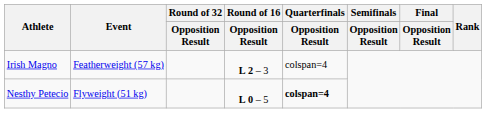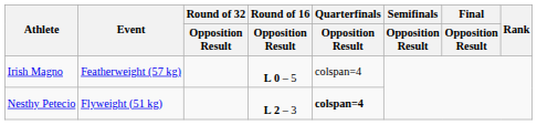 <table class=wikitable style="font-size:90%">
 <tr>
 <th rowspan=2>Athlete</th>
 <th rowspan=2>Event</th>
 <th>Round of 32</th>
 <th>Round of 16</th>
 <th>Quarterfinals</th>
 <th>Semifinals</th>
 <th>Final</th>
 <th rowspan=2>Rank</th>
 </tr>
 <tr>
 <th>Opposition<br>Result</th>
 <th>Opposition<br>Result</th>
 <th>Opposition<br>Result</th>
 <th>Opposition<br>Result</th>
 <th>Opposition<br>Result</th>
 </tr>
 <tr align=left>
 <td><a href='#'>Irish Magno</a></td>
 <td><a href='#'>Featherweight (57 kg)</a></td>
 <td></td>
-<td align=center>  <br> <strong>L</strong> <strong>2</strong> – 3</td>
+<td align=center>  <br> <strong>L</strong> <strong>0</strong> – 5</td>
 <td>colspan=4 </td>
 </tr>
 <tr align=left>
 <td><a href='#'>Nesthy Petecio</a></td>
 <td><a href='#'>Flyweight (51 kg)</a></td>
 <td></td>
-<td align=center>  <br> <strong>L</strong> <strong>0</strong> – 5</td>
+<td align=center>  <br> <strong>L</strong> <strong>2</strong> – 3</td>
 <td><strong>colspan=4 </strong></td>
 </tr>
 </table>
